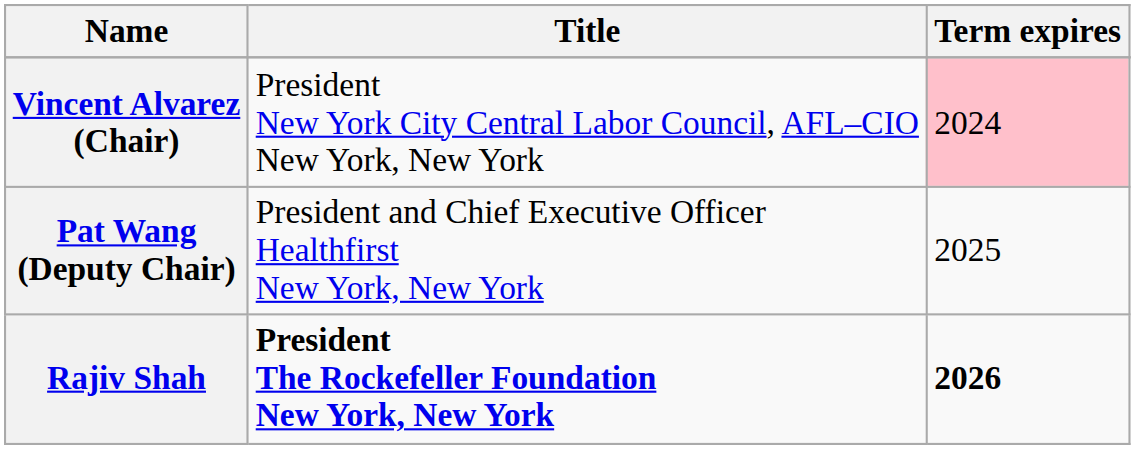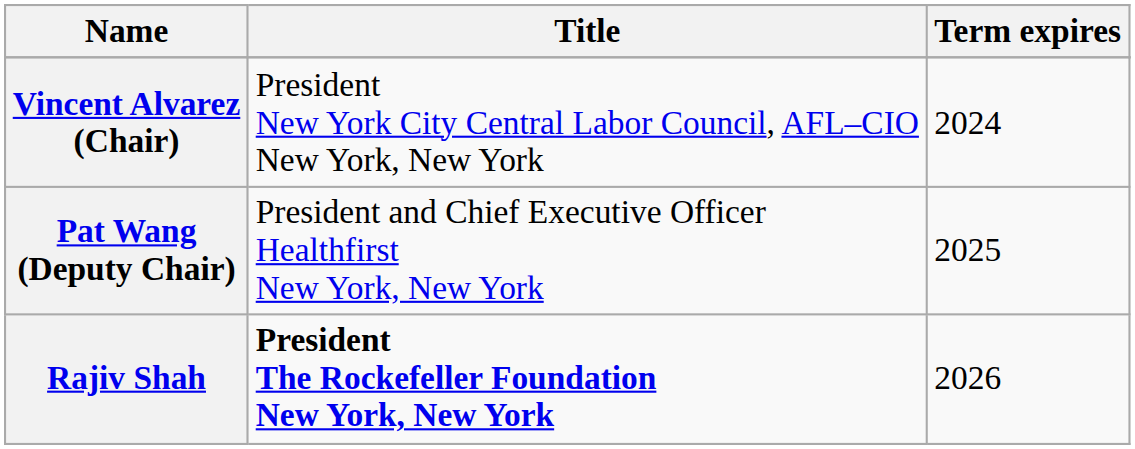 <table class="wikitable sortable">
 <tr>
 <th>Name</th>
 <th>Title</th>
 <th>Term expires</th>
 </tr>
 <tr>
 </tr>
 <tr>
 <th><a href='#'>Vincent Alvarez</a><br>(Chair)</th>
 <td>President<br><a href='#'>New York City Central Labor Council</a>, <a href='#'>AFL–CIO</a><br>New York, New York</td>
-<td style="background: pink;">2024</td>
+<td>2024</td>
 </tr>
 <tr>
 <th><a href='#'>Pat Wang</a><br>(Deputy Chair)</th>
 <td>President and Chief Executive Officer<br><a href='#'>Healthfirst</a><br><a href='#'>New York, New York</a></td>
 <td>2025</td>
 </tr>
 <tr>
 <th><a href='#'>Rajiv Shah</a></th>
 <td><strong>President<br><a href='#'>The Rockefeller Foundation</a><br><a href='#'>New York, New York</a></strong></td>
-<td><strong>2026</strong></td>
+<td>2026</td>
 </tr>
 </table>
